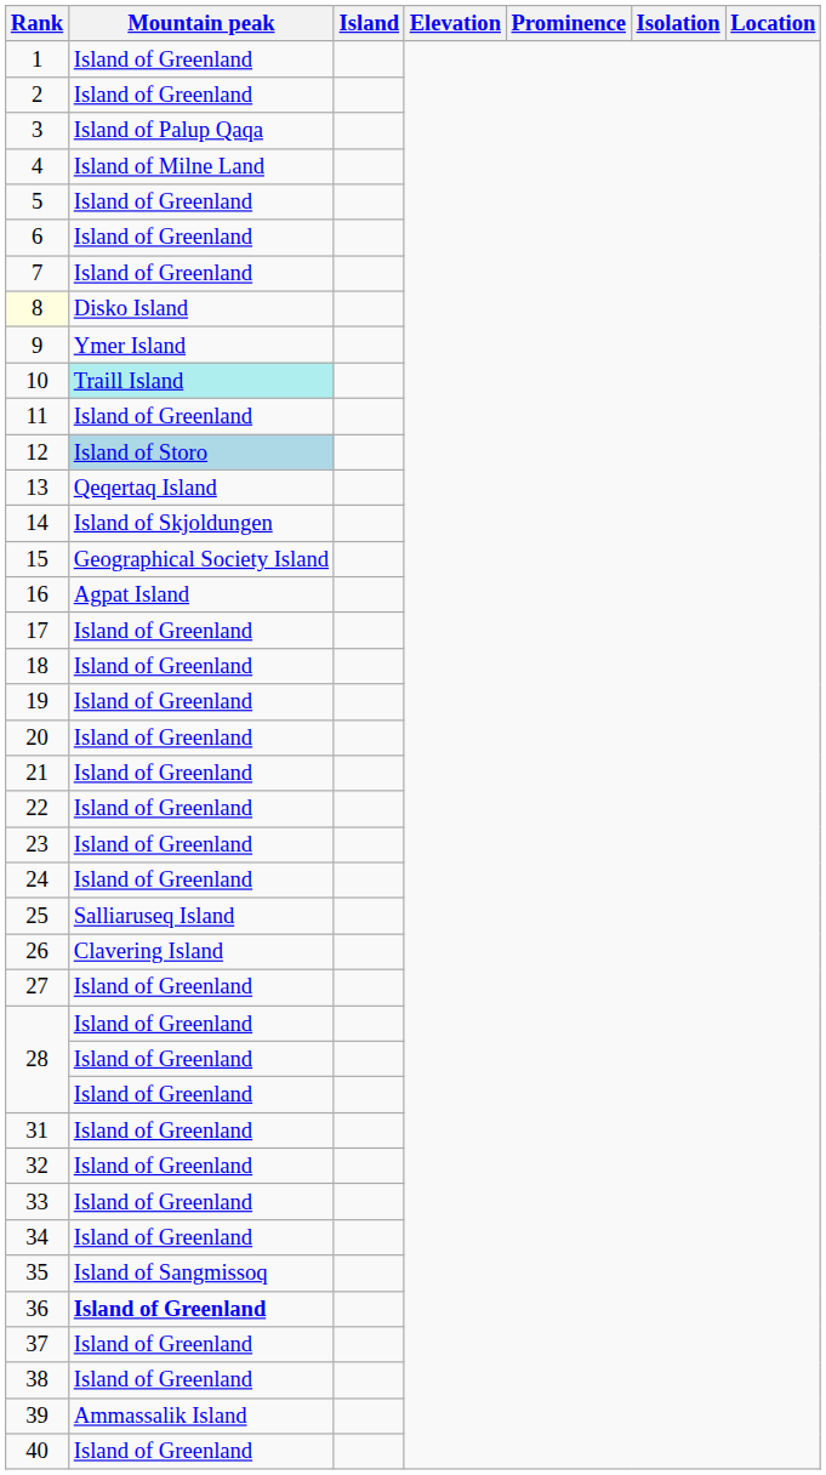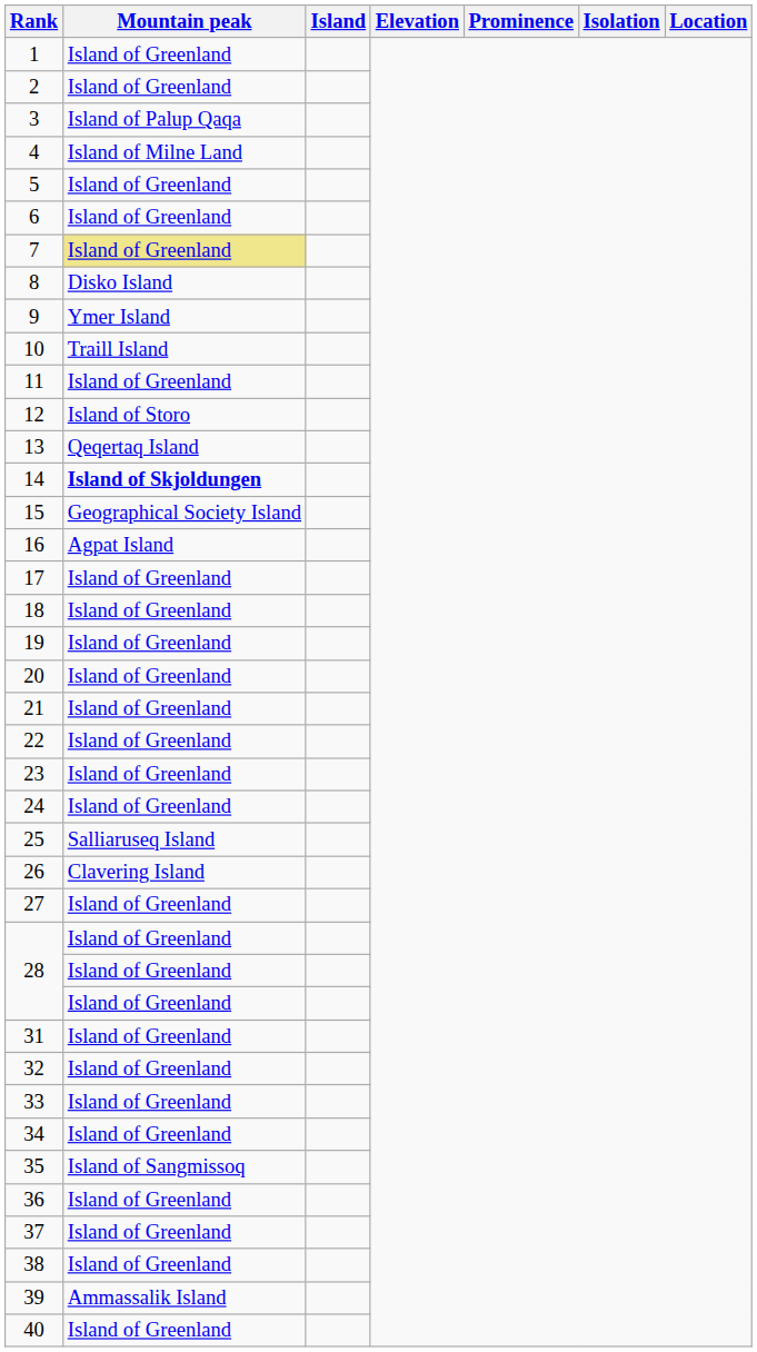 <table class="wikitable sortable">
 <tr>
 <th><a href='#'>Rank</a></th>
 <th><a href='#'>Mountain peak</a></th>
 <th><a href='#'>Island</a></th>
 <th><a href='#'>Elevation</a></th>
 <th><a href='#'>Prominence</a></th>
 <th><a href='#'>Isolation</a></th>
 <th><a href='#'>Location</a></th>
 </tr>
 <tr>
 <td align=center>1<br></td>
 <td><a href='#'>Island of Greenland</a><br></td>
 <td></td>
 </tr>
 <tr>
 <td align=center>2<br></td>
 <td><a href='#'>Island of Greenland</a><br></td>
 <td></td>
 </tr>
 <tr>
 <td align=center>3<br></td>
 <td><a href='#'>Island of Palup Qaqa</a><br></td>
 <td></td>
 </tr>
 <tr>
 <td align=center>4<br></td>
 <td><a href='#'>Island of Milne Land</a><br></td>
 <td></td>
 </tr>
 <tr>
 <td align=center>5<br></td>
 <td><a href='#'>Island of Greenland</a><br></td>
 <td></td>
 </tr>
 <tr>
 <td align=center>6<br></td>
 <td><a href='#'>Island of Greenland</a><br></td>
 <td></td>
 </tr>
 <tr>
 <td align=center>7<br></td>
-<td><a href='#'>Island of Greenland</a><br></td>
+<td style="background: khaki;"><a href='#'>Island of Greenland</a><br></td>
 <td></td>
 </tr>
 <tr>
-<td align=center style="background: lightyellow;">8<br></td>
+<td align=center>8<br></td>
 <td><a href='#'>Disko Island</a><br></td>
 <td></td>
 </tr>
 <tr>
 <td align=center>9<br></td>
 <td><a href='#'>Ymer Island</a><br></td>
 <td></td>
 </tr>
 <tr>
 <td align=center>10<br></td>
-<td style="background: paleturquoise;"><a href='#'>Traill Island</a><br></td>
+<td><a href='#'>Traill Island</a><br></td>
 <td></td>
 </tr>
 <tr>
 <td align=center>11<br></td>
 <td><a href='#'>Island of Greenland</a><br></td>
 <td></td>
 </tr>
 <tr>
 <td align=center>12<br></td>
-<td style="background: lightblue;"><a href='#'>Island of Storo</a><br></td>
+<td><a href='#'>Island of Storo</a><br></td>
 <td></td>
 </tr>
 <tr>
 <td align=center>13<br></td>
 <td><a href='#'>Qeqertaq Island</a><br></td>
 <td></td>
 </tr>
 <tr>
 <td align=center>14<br></td>
-<td><a href='#'>Island of Skjoldungen</a><br></td>
+<td><strong><a href='#'>Island of Skjoldungen</a><br></strong></td>
 <td></td>
 </tr>
 <tr>
 <td align=center>15<br></td>
 <td><a href='#'>Geographical Society Island</a><br></td>
 <td></td>
 </tr>
 <tr>
 <td align=center>16<br></td>
 <td><a href='#'>Agpat Island</a><br></td>
 <td></td>
 </tr>
 <tr>
 <td align=center>17<br></td>
 <td><a href='#'>Island of Greenland</a><br></td>
 <td></td>
 </tr>
 <tr>
 <td align=center>18<br></td>
 <td><a href='#'>Island of Greenland</a><br></td>
 <td></td>
 </tr>
 <tr>
 <td align=center>19<br></td>
 <td><a href='#'>Island of Greenland</a><br></td>
 <td></td>
 </tr>
 <tr>
 <td align=center>20<br></td>
 <td><a href='#'>Island of Greenland</a><br></td>
 <td></td>
 </tr>
 <tr>
 <td align=center>21<br></td>
 <td><a href='#'>Island of Greenland</a><br></td>
 <td></td>
 </tr>
 <tr>
 <td align=center>22<br></td>
 <td><a href='#'>Island of Greenland</a><br></td>
 <td></td>
 </tr>
 <tr>
 <td align=center>23<br></td>
 <td><a href='#'>Island of Greenland</a><br></td>
 <td></td>
 </tr>
 <tr>
 <td align=center>24<br></td>
 <td><a href='#'>Island of Greenland</a><br></td>
 <td></td>
 </tr>
 <tr>
 <td align=center>25<br></td>
 <td><a href='#'>Salliaruseq Island</a><br></td>
 <td></td>
 </tr>
 <tr>
 <td align=center>26<br></td>
 <td><a href='#'>Clavering Island</a><br></td>
 <td></td>
 </tr>
 <tr>
 <td align=center>27<br></td>
 <td><a href='#'>Island of Greenland</a><br></td>
 <td></td>
 </tr>
 <tr>
 <td align=center rowspan=3>28<br></td>
 <td><a href='#'>Island of Greenland</a><br></td>
 <td></td>
 </tr>
 <tr>
 <td><a href='#'>Island of Greenland</a><br></td>
 <td></td>
 </tr>
 <tr>
 <td><a href='#'>Island of Greenland</a><br></td>
 <td></td>
 </tr>
 <tr>
 <td align=center>31<br></td>
 <td><a href='#'>Island of Greenland</a><br></td>
 <td></td>
 </tr>
 <tr>
 <td align=center>32<br></td>
 <td><a href='#'>Island of Greenland</a><br></td>
 <td></td>
 </tr>
 <tr>
 <td align=center>33<br></td>
 <td><a href='#'>Island of Greenland</a><br></td>
 <td></td>
 </tr>
 <tr>
 <td align=center>34<br></td>
 <td><a href='#'>Island of Greenland</a><br></td>
 <td></td>
 </tr>
 <tr>
 <td align=center>35<br></td>
 <td><a href='#'>Island of Sangmissoq</a><br></td>
 <td></td>
 </tr>
 <tr>
 <td align=center>36<br></td>
-<td><strong><a href='#'>Island of Greenland</a><br></strong></td>
+<td><a href='#'>Island of Greenland</a><br></td>
 <td></td>
 </tr>
 <tr>
 <td align=center>37<br></td>
 <td><a href='#'>Island of Greenland</a><br></td>
 <td></td>
 </tr>
 <tr>
 <td align=center>38<br></td>
 <td><a href='#'>Island of Greenland</a><br></td>
 <td></td>
 </tr>
 <tr>
 <td align=center>39<br></td>
 <td><a href='#'>Ammassalik Island</a><br></td>
 <td></td>
 </tr>
 <tr>
 <td align=center>40<br></td>
 <td><a href='#'>Island of Greenland</a><br></td>
 <td></td>
 </tr>
 </table>
